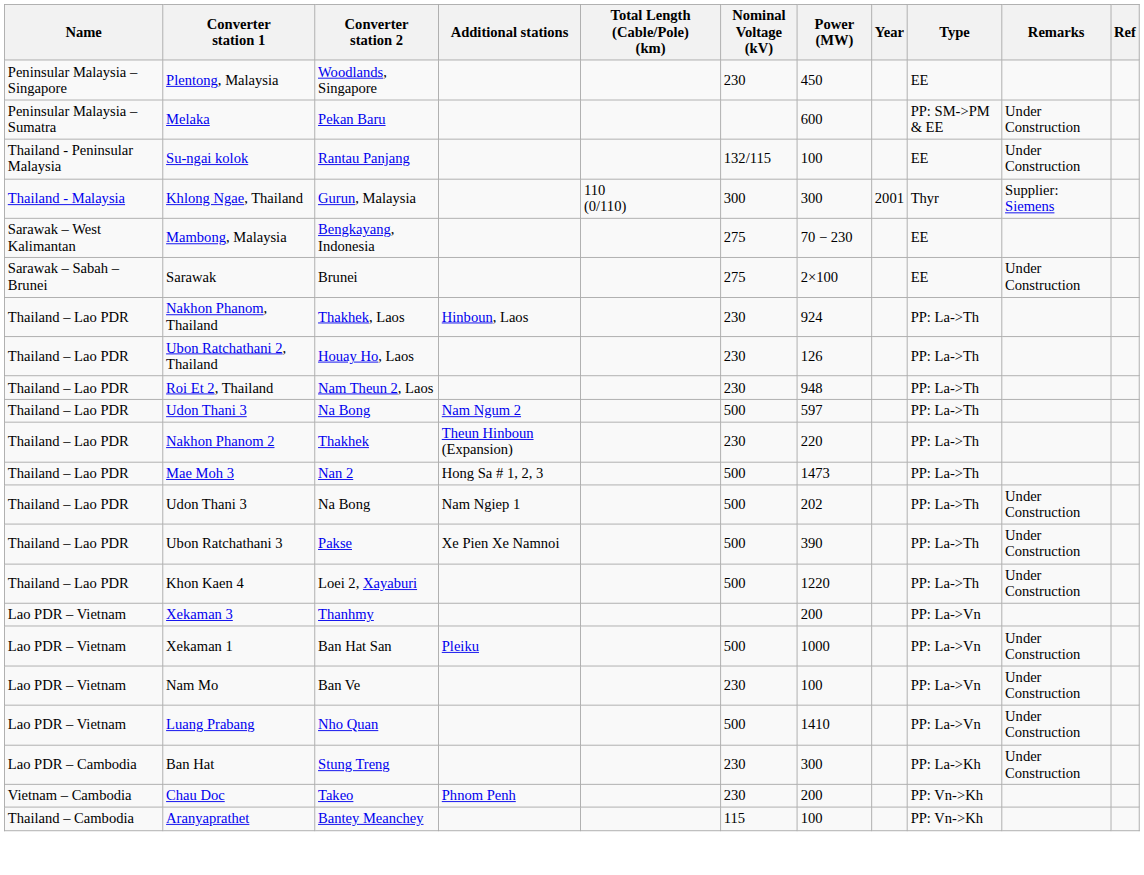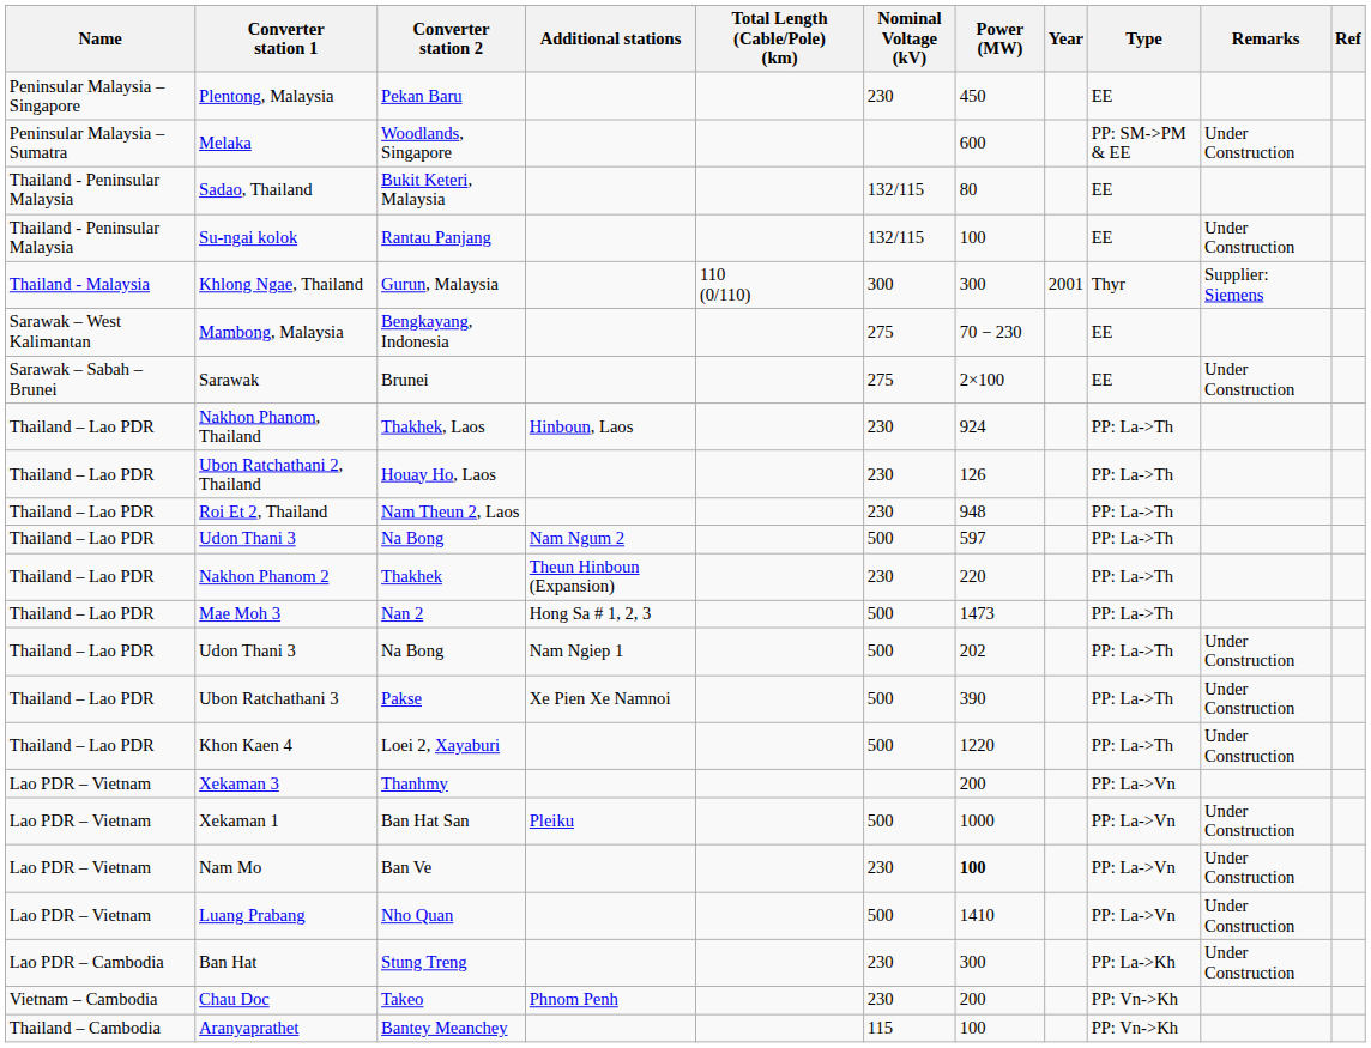 <table class="wikitable">
 <tr>
 <th>Name</th>
 <th>Converter<br>station 1</th>
 <th>Converter<br>station 2</th>
 <th>Additional stations</th>
 <th>Total Length (Cable/Pole)<br>(km)</th>
 <th>Nominal<br>Voltage (kV)</th>
 <th>Power (MW)</th>
 <th>Year</th>
 <th>Type</th>
 <th>Remarks</th>
 <th>Ref</th>
 </tr>
 <tr>
 <td>Peninsular Malaysia – Singapore</td>
 <td><a href='#'>Plentong</a>, Malaysia</td>
-<td><a href='#'>Woodlands</a>, Singapore</td>
+<td><a href='#'>Pekan Baru</a></td>
 <td></td>
 <td></td>
 <td>230</td>
 <td>450</td>
 <td></td>
 <td>EE</td>
 <td></td>
 <td></td>
 </tr>
 <tr>
 <td>Peninsular Malaysia – Sumatra</td>
 <td><a href='#'>Melaka</a></td>
-<td><a href='#'>Pekan Baru</a></td>
+<td><a href='#'>Woodlands</a>, Singapore</td>
 <td></td>
 <td></td>
 <td></td>
 <td>600</td>
 <td></td>
 <td>PP: SM->PM & EE</td>
 <td>Under Construction</td>
+<td></td>
+</tr>
+<tr>
+<td>Thailand - Peninsular Malaysia</td>
+<td><a href='#'>Sadao</a>, Thailand</td>
+<td><a href='#'>Bukit Keteri</a>, Malaysia</td>
+<td></td>
+<td></td>
+<td>132/115</td>
+<td>80</td>
+<td></td>
+<td>EE</td>
+<td></td>
 <td></td>
 </tr>
 <tr>
 <td>Thailand - Peninsular Malaysia</td>
 <td><a href='#'>Su-ngai kolok</a></td>
 <td><a href='#'>Rantau Panjang</a></td>
 <td></td>
 <td></td>
 <td>132/115</td>
 <td>100</td>
 <td></td>
 <td>EE</td>
 <td>Under Construction</td>
 <td></td>
 </tr>
 <tr>
 <td><a href='#'>Thailand - Malaysia</a></td>
 <td><a href='#'>Khlong Ngae</a>, Thailand<br></td>
 <td><a href='#'>Gurun</a>, Malaysia<br></td>
 <td></td>
 <td>110<br>(0/110)</td>
 <td>300</td>
 <td>300</td>
 <td>2001</td>
 <td>Thyr</td>
 <td>Supplier: <a href='#'>Siemens</a></td>
 <td></td>
 </tr>
 <tr>
 <td>Sarawak – West Kalimantan</td>
 <td><a href='#'>Mambong</a>, Malaysia</td>
 <td><a href='#'>Bengkayang</a>, Indonesia</td>
 <td></td>
 <td></td>
 <td>275</td>
 <td>70 − 230</td>
 <td></td>
 <td>EE</td>
 <td></td>
 <td></td>
 </tr>
 <tr>
 <td>Sarawak – Sabah – Brunei</td>
 <td>Sarawak</td>
 <td>Brunei</td>
 <td></td>
 <td></td>
 <td>275</td>
 <td>2×100</td>
 <td></td>
 <td>EE</td>
 <td>Under Construction</td>
 <td></td>
 </tr>
 <tr>
 <td>Thailand – Lao PDR</td>
 <td><a href='#'>Nakhon Phanom</a>, Thailand</td>
 <td><a href='#'>Thakhek</a>, Laos</td>
 <td><a href='#'>Hinboun</a>, Laos</td>
 <td></td>
 <td>230</td>
 <td>924</td>
 <td></td>
 <td>PP: La->Th</td>
 <td></td>
 <td></td>
 </tr>
 <tr>
 <td>Thailand – Lao PDR</td>
 <td><a href='#'>Ubon Ratchathani 2</a>, Thailand</td>
 <td><a href='#'>Houay Ho</a>, Laos</td>
 <td></td>
 <td></td>
 <td>230</td>
 <td>126</td>
 <td></td>
 <td>PP: La->Th</td>
 <td></td>
 <td></td>
 </tr>
 <tr>
 <td>Thailand – Lao PDR</td>
 <td><a href='#'>Roi Et 2</a>, Thailand</td>
 <td><a href='#'>Nam Theun 2</a>, Laos</td>
 <td></td>
 <td></td>
 <td>230</td>
 <td>948</td>
 <td></td>
 <td>PP: La->Th</td>
 <td></td>
 <td></td>
 </tr>
 <tr>
 <td>Thailand – Lao PDR</td>
 <td><a href='#'>Udon Thani 3</a></td>
 <td><a href='#'>Na Bong</a></td>
 <td><a href='#'>Nam Ngum 2</a></td>
 <td></td>
 <td>500</td>
 <td>597</td>
 <td></td>
 <td>PP: La->Th</td>
 <td></td>
 <td></td>
 </tr>
 <tr>
 <td>Thailand – Lao PDR</td>
 <td><a href='#'>Nakhon Phanom 2</a></td>
 <td><a href='#'>Thakhek</a></td>
 <td><a href='#'>Theun Hinboun</a> (Expansion)</td>
 <td></td>
 <td>230</td>
 <td>220</td>
 <td></td>
 <td>PP: La->Th</td>
 <td></td>
 <td></td>
 </tr>
 <tr>
 <td>Thailand – Lao PDR</td>
 <td><a href='#'>Mae Moh 3</a></td>
 <td><a href='#'>Nan 2</a></td>
 <td>Hong Sa # 1, 2, 3</td>
 <td></td>
 <td>500</td>
 <td>1473</td>
 <td></td>
 <td>PP: La->Th</td>
 <td></td>
 <td></td>
 </tr>
 <tr>
 <td>Thailand – Lao PDR</td>
 <td>Udon Thani 3</td>
 <td>Na Bong</td>
 <td>Nam Ngiep 1</td>
 <td></td>
 <td>500</td>
 <td>202</td>
 <td></td>
 <td>PP: La->Th</td>
 <td>Under Construction</td>
 <td></td>
 </tr>
 <tr>
 <td>Thailand – Lao PDR</td>
 <td>Ubon Ratchathani 3</td>
 <td><a href='#'>Pakse</a></td>
 <td>Xe Pien Xe Namnoi</td>
 <td></td>
 <td>500</td>
 <td>390</td>
 <td></td>
 <td>PP: La->Th</td>
 <td>Under Construction</td>
 <td></td>
 </tr>
 <tr>
 <td>Thailand – Lao PDR</td>
 <td>Khon Kaen 4</td>
 <td>Loei 2, <a href='#'>Xayaburi</a></td>
 <td></td>
 <td></td>
 <td>500</td>
 <td>1220</td>
 <td></td>
 <td>PP: La->Th</td>
 <td>Under Construction</td>
 <td></td>
 </tr>
 <tr>
 <td>Lao PDR – Vietnam</td>
 <td><a href='#'>Xekaman 3</a></td>
 <td><a href='#'>Thanhmy</a></td>
 <td></td>
 <td></td>
 <td></td>
 <td>200</td>
 <td></td>
 <td>PP: La->Vn</td>
 <td></td>
 <td></td>
 </tr>
 <tr>
 <td>Lao PDR – Vietnam</td>
 <td>Xekaman 1</td>
 <td>Ban Hat San</td>
 <td><a href='#'>Pleiku</a></td>
 <td></td>
 <td>500</td>
 <td>1000</td>
 <td></td>
 <td>PP: La->Vn</td>
 <td>Under Construction</td>
 <td></td>
 </tr>
 <tr>
 <td>Lao PDR – Vietnam</td>
 <td>Nam Mo</td>
 <td>Ban Ve</td>
 <td></td>
 <td></td>
 <td>230</td>
-<td>100</td>
+<td><strong>100</strong></td>
 <td></td>
 <td>PP: La->Vn</td>
 <td>Under Construction</td>
 <td></td>
 </tr>
 <tr>
 <td>Lao PDR – Vietnam</td>
 <td><a href='#'>Luang Prabang</a></td>
 <td><a href='#'>Nho Quan</a></td>
 <td></td>
 <td></td>
 <td>500</td>
 <td>1410</td>
 <td></td>
 <td>PP: La->Vn</td>
 <td>Under Construction</td>
 <td></td>
 </tr>
 <tr>
 <td>Lao PDR – Cambodia</td>
 <td>Ban Hat</td>
 <td><a href='#'>Stung Treng</a></td>
 <td></td>
 <td></td>
 <td>230</td>
 <td>300</td>
 <td></td>
 <td>PP: La->Kh</td>
 <td>Under Construction</td>
 <td></td>
 </tr>
 <tr>
 <td>Vietnam – Cambodia</td>
 <td><a href='#'>Chau Doc</a></td>
 <td><a href='#'>Takeo</a></td>
 <td><a href='#'>Phnom Penh</a></td>
 <td></td>
 <td>230</td>
 <td>200</td>
 <td></td>
 <td>PP: Vn->Kh</td>
 <td></td>
 <td></td>
 </tr>
 <tr>
 <td>Thailand – Cambodia</td>
 <td><a href='#'>Aranyaprathet</a></td>
 <td><a href='#'>Bantey Meanchey</a></td>
 <td></td>
 <td></td>
 <td>115</td>
 <td>100</td>
 <td></td>
 <td>PP: Vn->Kh</td>
 <td></td>
 <td></td>
 </tr>
 </table>
